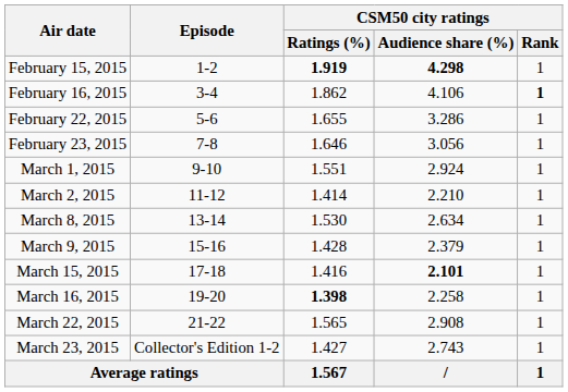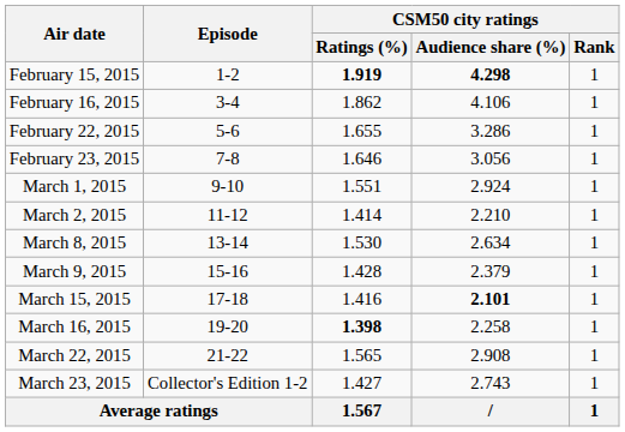 <table class="wikitable sortable mw-collapsible jquery-tablesorter" style="text-align:center">
 <tr>
 <th rowspan="2">Air date</th>
 <th rowspan="2">Episode</th>
 <th colspan="3">CSM50 city ratings</th>
 </tr>
 <tr>
 <th>Ratings (%)</th>
 <th>Audience share (%)</th>
 <th>Rank</th>
 </tr>
 <tr>
 <td>February 15, 2015</td>
 <td>1-2</td>
 <td><strong><span>1.919</span></strong></td>
 <td><strong><span>4.298</span></strong></td>
 <td>1</td>
 </tr>
 <tr>
 <td>February 16, 2015</td>
 <td>3-4</td>
 <td>1.862</td>
 <td>4.106</td>
-<td><strong>1</strong></td>
+<td>1</td>
 </tr>
 <tr>
 <td>February 22, 2015</td>
 <td>5-6</td>
 <td>1.655</td>
 <td>3.286</td>
 <td>1</td>
 </tr>
 <tr>
 <td>February 23, 2015</td>
 <td>7-8</td>
 <td>1.646</td>
 <td>3.056</td>
 <td>1</td>
 </tr>
 <tr>
 <td>March 1, 2015</td>
 <td>9-10</td>
 <td>1.551</td>
 <td>2.924</td>
 <td>1</td>
 </tr>
 <tr>
 <td>March 2, 2015</td>
 <td>11-12</td>
 <td>1.414</td>
 <td>2.210</td>
 <td>1</td>
 </tr>
 <tr>
 <td>March 8, 2015</td>
 <td>13-14</td>
 <td>1.530</td>
 <td>2.634</td>
 <td>1</td>
 </tr>
 <tr>
 <td>March 9, 2015</td>
 <td>15-16</td>
 <td>1.428</td>
 <td>2.379</td>
 <td>1</td>
 </tr>
 <tr>
 <td>March 15, 2015</td>
 <td>17-18</td>
 <td>1.416</td>
 <td><strong><span>2.101</span></strong></td>
 <td>1</td>
 </tr>
 <tr>
 <td>March 16, 2015</td>
 <td>19-20</td>
 <td><strong><span>1.398</span></strong></td>
 <td>2.258</td>
 <td>1</td>
 </tr>
 <tr>
 <td>March 22, 2015</td>
 <td>21-22</td>
 <td>1.565</td>
 <td>2.908</td>
 <td>1</td>
 </tr>
 <tr>
 <td>March 23, 2015</td>
 <td>Collector's Edition 1-2</td>
 <td>1.427</td>
 <td>2.743</td>
 <td>1</td>
 </tr>
 <tr>
 <th colspan="2">Average ratings</th>
 <th>1.567</th>
 <th>/</th>
 <th>1</th>
 </tr>
 </table>
